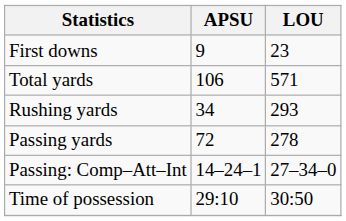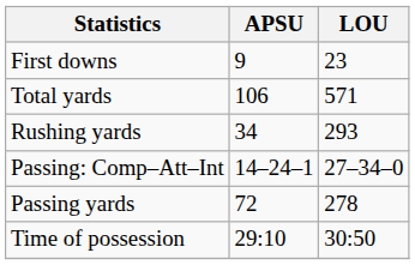 <table class="wikitable" style="float: left;">
 <tr>
 <th>Statistics</th>
 <th>APSU</th>
 <th>LOU</th>
 </tr>
 <tr>
 <td>First downs</td>
 <td>9</td>
 <td>23</td>
 </tr>
 <tr>
 <td>Total yards</td>
 <td>106</td>
 <td>571</td>
 </tr>
 <tr>
 <td>Rushing yards</td>
 <td>34</td>
 <td>293</td>
 </tr>
 <tr>
+<td>Passing: Comp–Att–Int</td>
+<td>14–24–1</td>
+<td>27–34–0</td>
+</tr>
+<tr>
 <td>Passing yards</td>
 <td>72</td>
 <td>278</td>
-</tr>
-<tr>
-<td>Passing: Comp–Att–Int</td>
-<td>14–24–1</td>
-<td>27–34–0</td>
 </tr>
 <tr>
 <td>Time of possession</td>
 <td>29:10</td>
 <td>30:50</td>
 </tr>
 <tr>
 </tr>
 </table>
